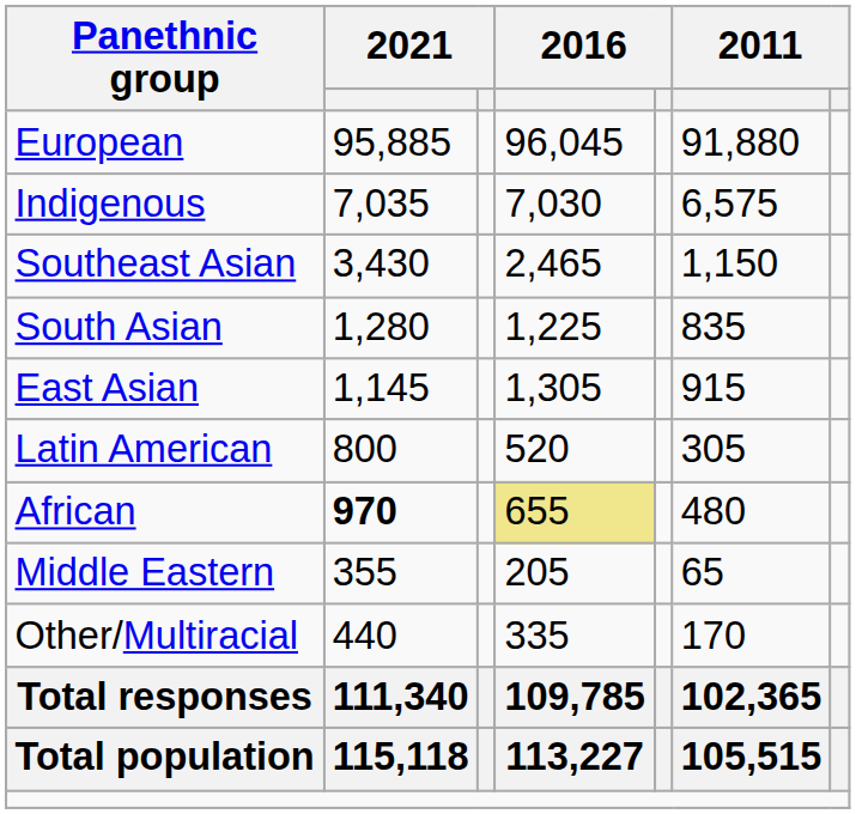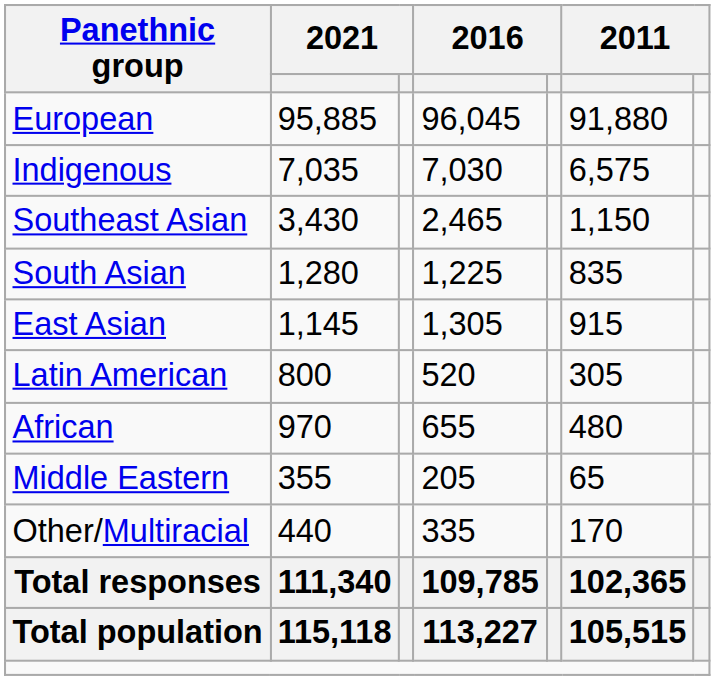 <table class="wikitable collapsible sortable">
 <tr>
 <th rowspan="2"><a href='#'>Panethnic</a><br>group</th>
 <th colspan="2">2021</th>
 <th colspan="2">2016</th>
 <th colspan="2">2011</th>
 </tr>
 <tr>
 <th><a href='#'></a></th>
 <th></th>
 <th></th>
 <th></th>
 <th></th>
 <th></th>
 </tr>
 <tr>
 <td><a href='#'>European</a></td>
 <td>95,885</td>
 <td></td>
 <td>96,045</td>
 <td></td>
 <td>91,880</td>
 <td></td>
 </tr>
 <tr>
 <td><a href='#'>Indigenous</a></td>
 <td>7,035</td>
 <td></td>
 <td>7,030</td>
 <td></td>
 <td>6,575</td>
 <td></td>
 </tr>
 <tr>
 <td><a href='#'>Southeast Asian</a></td>
 <td>3,430</td>
 <td></td>
 <td>2,465</td>
 <td></td>
 <td>1,150</td>
 <td></td>
 </tr>
 <tr>
 <td><a href='#'>South Asian</a></td>
 <td>1,280</td>
 <td></td>
 <td>1,225</td>
 <td></td>
 <td>835</td>
 <td></td>
 </tr>
 <tr>
 <td><a href='#'>East Asian</a></td>
 <td>1,145</td>
 <td></td>
 <td>1,305</td>
 <td></td>
 <td>915</td>
 <td></td>
 </tr>
 <tr>
 <td><a href='#'>Latin American</a></td>
 <td>800</td>
 <td></td>
 <td>520</td>
 <td></td>
 <td>305</td>
 <td></td>
 </tr>
 <tr>
 <td><a href='#'>African</a></td>
-<td><strong>970</strong></td>
+<td>970</td>
 <td></td>
-<td style="background: khaki;">655</td>
+<td>655</td>
 <td></td>
 <td>480</td>
 <td></td>
 </tr>
 <tr>
 <td><a href='#'>Middle Eastern</a></td>
 <td>355</td>
 <td></td>
 <td>205</td>
 <td></td>
 <td>65</td>
 <td></td>
 </tr>
 <tr>
 <td>Other/<a href='#'>Multiracial</a></td>
 <td>440</td>
 <td></td>
 <td>335</td>
 <td></td>
 <td>170</td>
 <td></td>
 </tr>
 <tr>
 <th>Total responses</th>
 <th>111,340</th>
 <th></th>
 <th>109,785</th>
 <th></th>
 <th>102,365</th>
 <th></th>
 </tr>
 <tr>
 <th>Total population</th>
 <th>115,118</th>
 <th></th>
 <th>113,227</th>
 <th></th>
 <th>105,515</th>
 <th></th>
 </tr>
 <tr class="sortbottom">
 <td colspan="15"></td>
 </tr>
 </table>
